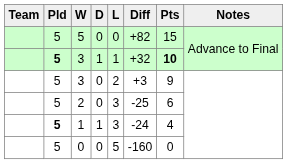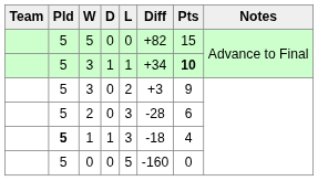 <table style=border-collapse:collapse border=1 cellspacing=0 cellpadding=5>
 <tr align=center bgcolor=#efefef>
 <th>Team</th>
 <th>Pld</th>
 <th>W</th>
 <th>D</th>
 <th>L</th>
 <th>Diff</th>
 <th>Pts</th>
 <th>Notes</th>
 </tr>
 <tr align=center style="background:#ccffcc">
 <td style="text-align:left;"> </td>
 <td>5</td>
 <td>5</td>
 <td>0</td>
 <td>0</td>
 <td>+82</td>
 <td>15</td>
 <td rowspan="2">Advance to Final</td>
 </tr>
 <tr align="center" style="background:#ccffcc;">
 <td style="text-align:left;"> </td>
-<td><strong>5</strong></td>
+<td>5</td>
 <td>3</td>
 <td>1</td>
 <td>1</td>
-<td>+32</td>
+<td>+34</td>
 <td><strong>10</strong></td>
 </tr>
 <tr align="center" style="background:#ffffff;">
 <td style="text-align:left;"> </td>
 <td>5</td>
 <td>3</td>
 <td>0</td>
 <td>2</td>
 <td>+3</td>
 <td>9</td>
 <td rowspan="4"></td>
 </tr>
 <tr align="center" style="background:#FFFFFF;">
 <td style="text-align:left;">  </td>
 <td>5</td>
 <td>2</td>
 <td>0</td>
 <td>3</td>
-<td>-25</td>
+<td>-28</td>
 <td>6</td>
 </tr>
 <tr align="center" style="background:#FFFFFF;">
 <td style="text-align:left;"> </td>
 <td><strong>5</strong></td>
 <td>1</td>
 <td>1</td>
 <td>3</td>
-<td>-24</td>
+<td>-18</td>
 <td>4</td>
 </tr>
 <tr align=center style="background:#FFFFFF;">
 <td style="text-align:left;"> </td>
 <td>5</td>
 <td>0</td>
 <td>0</td>
 <td>5</td>
 <td>-160</td>
 <td>0</td>
 </tr>
 </table>
